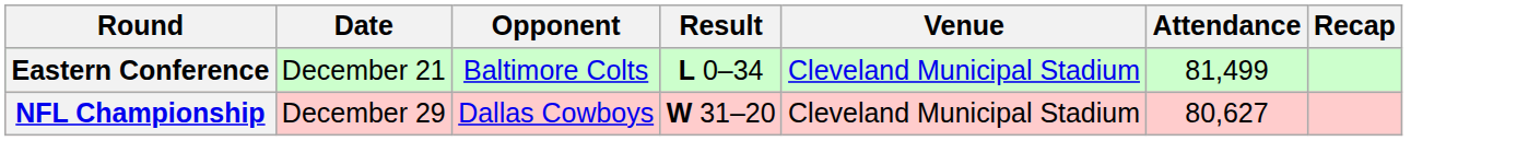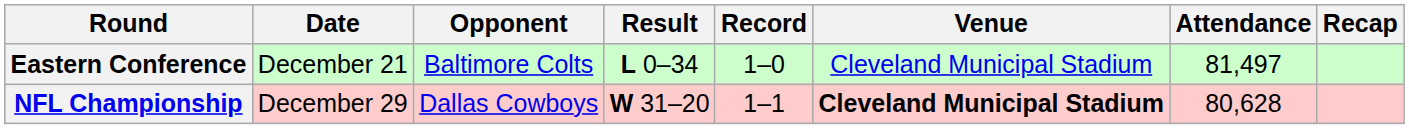 <table class="wikitable" style="text-align:center">
 <tr>
 <th>Round</th>
 <th>Date</th>
 <th>Opponent</th>
 <th>Result</th>
+<th>Record</th>
 <th>Venue</th>
 <th>Attendance</th>
 <th>Recap</th>
 </tr>
 <tr style="background:#cfc">
 <th>Eastern Conference</th>
 <td>December 21</td>
 <td><a href='#'>Baltimore Colts</a></td>
 <td><strong>L</strong> 0–34</td>
+<td>1–0</td>
 <td><a href='#'>Cleveland Municipal Stadium</a></td>
-<td>81,499</td>
+<td>81,497</td>
 <td></td>
 </tr>
 <tr style="background:#fcc">
 <th><a href='#'>NFL Championship</a></th>
 <td>December 29</td>
 <td><a href='#'>Dallas Cowboys</a></td>
 <td><strong>W</strong> 31–20</td>
-<td>Cleveland Municipal Stadium</td>
-<td>80,627</td>
+<td>1–1</td>
+<td><strong>Cleveland Municipal Stadium</strong></td>
+<td>80,628</td>
 <td></td>
 </tr>
 </table>
